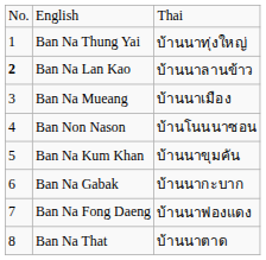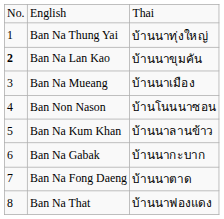 <table class="wikitable">
 <tr>
 <td>No.</td>
 <td>English</td>
 <td>Thai</td>
 </tr>
 <tr>
 <td>1</td>
 <td>Ban Na Thung Yai</td>
 <td>บ้านนาทุ่งใหญ่</td>
 </tr>
 <tr>
 <td><strong>2</strong></td>
 <td>Ban Na Lan Kao</td>
-<td>บ้านนาลานข้าว</td>
+<td>บ้านนาขุมคัน</td>
 </tr>
 <tr>
 <td>3</td>
 <td>Ban Na Mueang</td>
 <td>บ้านนาเมือง</td>
 </tr>
 <tr>
 <td>4</td>
 <td>Ban Non Nason</td>
 <td>บ้านโนนนาซอน</td>
 </tr>
 <tr>
 <td>5</td>
 <td>Ban Na Kum Khan</td>
-<td>บ้านนาขุมคัน</td>
+<td>บ้านนาลานข้าว</td>
 </tr>
 <tr>
 <td>6</td>
 <td>Ban Na Gabak</td>
 <td>บ้านนากะบาก</td>
 </tr>
 <tr>
 <td>7</td>
 <td>Ban Na Fong Daeng</td>
-<td>บ้านนาฟองแดง</td>
+<td>บ้านนาตาด</td>
 </tr>
 <tr>
 <td>8</td>
 <td>Ban Na That</td>
-<td>บ้านนาตาด</td>
+<td>บ้านนาฟองแดง</td>
 </tr>
 </table>
